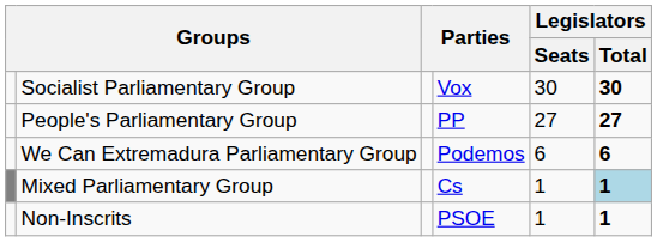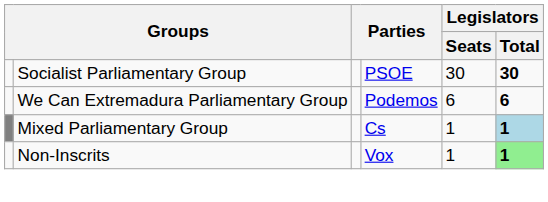 <table class="wikitable" style="text-align:left;">
 <tr>
 <th rowspan="2" colspan="2">Groups</th>
 <th rowspan="2" colspan="2">Parties</th>
 <th colspan="2">Legislators</th>
 </tr>
 <tr>
 <th>Seats</th>
 <th>Total</th>
 </tr>
 <tr>
 <td width="1" style="color:inherit;background:"></td>
 <td>Socialist Parliamentary Group</td>
 <td width="1" style="color:inherit;background:"></td>
-<td><a href='#'>Vox</a></td>
+<td><a href='#'>PSOE</a></td>
 <td>30</td>
 <td><strong>30</strong></td>
-</tr>
-<tr>
-<td style="color:inherit;background:"></td>
-<td>People's Parliamentary Group</td>
-<td style="color:inherit;background:"></td>
-<td><a href='#'>PP</a></td>
-<td>27</td>
-<td><strong>27</strong></td>
 </tr>
 <tr>
 <td style="color:inherit;background:"></td>
 <td>We Can Extremadura Parliamentary Group</td>
 <td style="color:inherit;background:"></td>
 <td><a href='#'>Podemos</a></td>
 <td>6</td>
 <td><strong>6</strong></td>
 </tr>
 <tr>
 <td bgcolor="gray"></td>
 <td>Mixed Parliamentary Group</td>
 <td style="color:inherit;background:"></td>
 <td><a href='#'>Cs</a></td>
 <td>1</td>
 <td style="background: lightblue;"><strong>1</strong></td>
 </tr>
 <tr>
 <td style="color:inherit;background:"></td>
 <td>Non-Inscrits</td>
 <td style="color:inherit;background:"></td>
-<td><a href='#'>PSOE</a></td>
+<td><a href='#'>Vox</a></td>
 <td>1</td>
-<td><strong>1</strong></td>
+<td style="background: lightgreen;"><strong>1</strong></td>
 </tr>
 </table>
